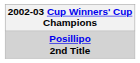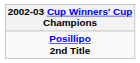 <table class=wikitable style="text-align:center; margin:auto">
 <tr>
 <th>2002-03 <a href='#'>Cup Winners' Cup</a><br>Champions</th>
 </tr>
 <tr>
-<td align=center style="background: lightgrey;"> <strong><a href='#'>Posillipo</a></strong><br><strong>2nd Title</strong></td>
+<td align=center> <strong><a href='#'>Posillipo</a></strong><br><strong>2nd Title</strong></td>
 </tr>
 </table>
